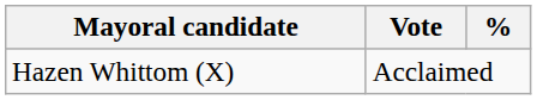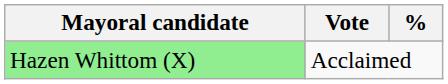 <table class="wikitable">
 <tr>
 <th bgcolor="#DDDDFF" width="200px">Mayoral candidate</th>
 <th bgcolor="#DDDDFF" width="50px">Vote</th>
 <th bgcolor="#DDDDFF"  width="30px">%</th>
 </tr>
 <tr>
-<td>Hazen Whittom (X)</td>
+<td style="background: lightgreen;">Hazen Whittom (X)</td>
 <td colspan="2">Acclaimed</td>
 </tr>
 </table>
